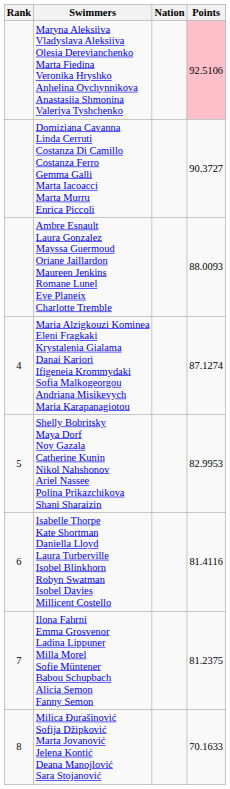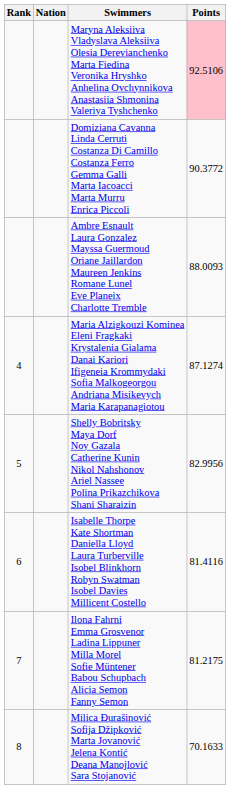 <table class="wikitable sortable" style="text-align:center">
 <tr>
 <th>Rank</th>
+<th>Nation</th>
 <th class=unsortable>Swimmers</th>
-<th>Nation</th>
 <th>Points</th>
 </tr>
 <tr>
 <td></td>
+<td align=left></td>
 <td align=left><a href='#'>Maryna Aleksiiva</a><br><a href='#'>Vladyslava Aleksiiva</a><br><a href='#'>Olesia Derevianchenko</a><br><a href='#'>Marta Fiedina</a><br><a href='#'>Veronika Hryshko</a><br><a href='#'>Anhelina Ovchynnikova</a><br><a href='#'>Anastasiia Shmonina</a><br><a href='#'>Valeriya Tyshchenko</a></td>
-<td align=left></td>
 <td style="background: pink;">92.5106</td>
 </tr>
 <tr>
 <td></td>
+<td align=left></td>
 <td align=left><a href='#'>Domiziana Cavanna</a><br><a href='#'>Linda Cerruti</a><br><a href='#'>Costanza Di Camillo</a><br><a href='#'>Costanza Ferro</a><br><a href='#'>Gemma Galli</a><br><a href='#'>Marta Iacoacci</a><br><a href='#'>Marta Murru</a><br><a href='#'>Enrica Piccoli</a></td>
-<td align=left></td>
-<td>90.3727</td>
+<td>90.3772</td>
 </tr>
 <tr>
 <td></td>
+<td align=left></td>
 <td align=left><a href='#'>Ambre Esnault</a><br><a href='#'>Laura Gonzalez</a><br><a href='#'>Mayssa Guermoud</a><br><a href='#'>Oriane Jaillardon</a><br><a href='#'>Maureen Jenkins</a><br><a href='#'>Romane Lunel</a><br><a href='#'>Eve Planeix</a><br><a href='#'>Charlotte Tremble</a></td>
-<td align=left></td>
 <td>88.0093</td>
 </tr>
 <tr>
 <td>4</td>
+<td align=left></td>
 <td align=left><a href='#'>Maria Alzigkouzi Kominea</a><br><a href='#'>Eleni Fragkaki</a><br><a href='#'>Krystalenia Gialama</a><br><a href='#'>Danai Kariori</a><br><a href='#'>Ifigeneia Krommydaki</a><br><a href='#'>Sofia Malkogeorgou</a><br><a href='#'>Andriana Misikevych</a><br><a href='#'>Maria Karapanagiotou</a></td>
-<td align=left></td>
 <td>87.1274</td>
 </tr>
 <tr>
 <td>5</td>
+<td align=left></td>
 <td align=left><a href='#'>Shelly Bobritsky</a><br><a href='#'>Maya Dorf</a><br><a href='#'>Noy Gazala</a><br><a href='#'>Catherine Kunin</a><br><a href='#'>Nikol Nahshonov</a><br><a href='#'>Ariel Nassee</a><br><a href='#'>Polina Prikazchikova</a><br><a href='#'>Shani Sharaizin</a></td>
-<td align=left></td>
-<td>82.9953</td>
+<td>82.9956</td>
 </tr>
 <tr>
 <td>6</td>
+<td align=left></td>
 <td align=left><a href='#'>Isabelle Thorpe</a><br><a href='#'>Kate Shortman</a><br><a href='#'>Daniella Lloyd</a><br><a href='#'>Laura Turberville</a><br><a href='#'>Isobel Blinkhorn</a><br><a href='#'>Robyn Swatman</a><br><a href='#'>Isobel Davies</a><br><a href='#'>Millicent Costello</a></td>
-<td align=left></td>
 <td>81.4116</td>
 </tr>
 <tr>
 <td>7</td>
+<td align=left></td>
 <td align=left><a href='#'>Ilona Fahrni</a><br><a href='#'>Emma Grosvenor</a><br><a href='#'>Ladina Lippuner</a><br><a href='#'>Milla Morel</a><br><a href='#'>Sofie Müntener</a><br><a href='#'>Babou Schupbach</a><br><a href='#'>Alicia Semon</a><br><a href='#'>Fanny Semon</a></td>
-<td align=left></td>
-<td>81.2375</td>
+<td>81.2175</td>
 </tr>
 <tr>
 <td>8</td>
+<td align=left></td>
 <td align=left><a href='#'>Milica Đurašinović</a><br><a href='#'>Sofija Džipković</a><br><a href='#'>Marta Jovanović</a><br><a href='#'>Jelena Kontić</a><br><a href='#'>Deana Manojlović</a><br><a href='#'>Sara Stojanović</a></td>
-<td align=left></td>
 <td>70.1633</td>
 </tr>
 </table>
